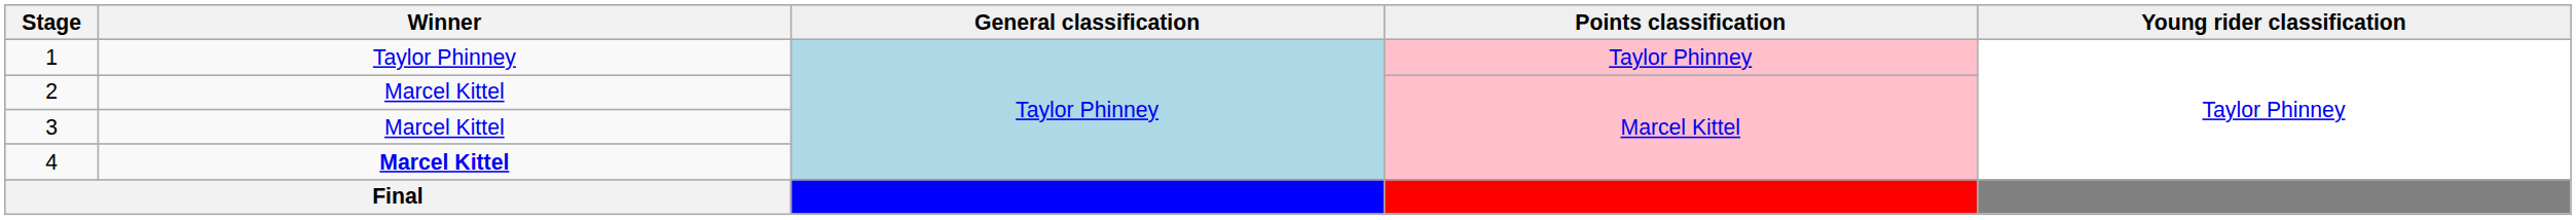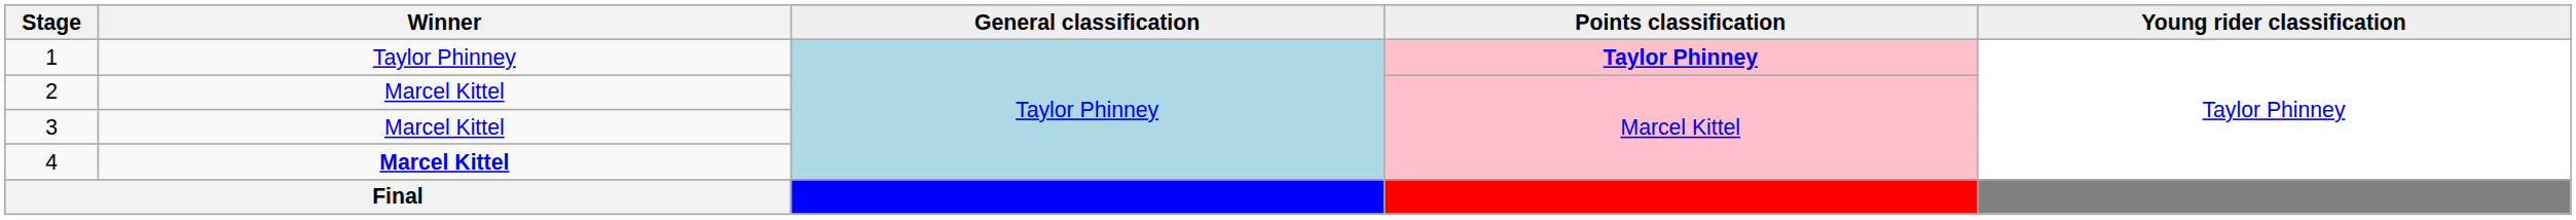 <table class="wikitable" style="text-align: center; font-size:smaller;">
 <tr style="background:#efefef;">
 <th style="width:1%;">Stage</th>
 <th style="width:14%;">Winner</th>
 <th style="background:#efefef; width:12%;">General classification<br></th>
 <th style="background:#efefef; width:12%;">Points classification<br></th>
 <th style="background:#efefef; width:12%;">Young rider classification<br></th>
 </tr>
 <tr>
 <td>1</td>
 <td><a href='#'>Taylor Phinney</a></td>
 <td style="background:lightblue" rowspan=4><a href='#'>Taylor Phinney</a></td>
-<td style="background:pink"><a href='#'>Taylor Phinney</a></td>
+<td style="background:pink"><strong><a href='#'>Taylor Phinney</a></strong></td>
 <td style="background:white" rowspan=4><a href='#'>Taylor Phinney</a></td>
 </tr>
 <tr>
 <td>2</td>
 <td><a href='#'>Marcel Kittel</a></td>
 <td style="background:pink" rowspan=3><a href='#'>Marcel Kittel</a></td>
 </tr>
 <tr>
 <td>3</td>
 <td><a href='#'>Marcel Kittel</a></td>
 </tr>
 <tr>
 <td>4</td>
 <td><strong><a href='#'>Marcel Kittel</a></strong></td>
 </tr>
 <tr>
 <th colspan=2><strong>Final</strong></th>
 <th style="background:blue"></th>
 <th style="background:red"></th>
 <th style="background:gray; color:#fff;"></th>
 </tr>
 </table>
